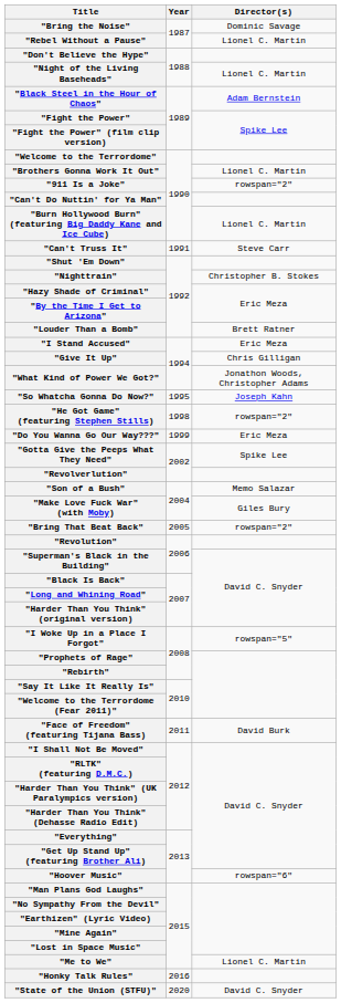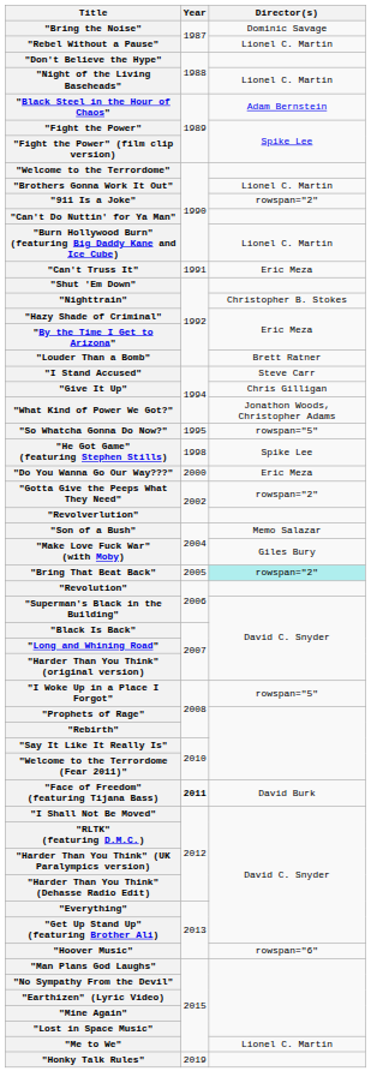 <table class="wikitable plainrowheaders" style="text-align:center;">
 <tr>
 <th scope="col" style="width:18em;">Title</th>
 <th scope="col">Year</th>
 <th scope="col" style="width:16em;">Director(s)</th>
 </tr>
 <tr>
 <th scope="row">"Bring the Noise"</th>
 <td rowspan="2">1987</td>
 <td>Dominic Savage</td>
 </tr>
 <tr>
 <th scope="row">"Rebel Without a Pause"</th>
 <td>Lionel C. Martin</td>
 </tr>
 <tr>
 <th scope="row">"Don't Believe the Hype"</th>
 <td rowspan="2">1988</td>
 </tr>
 <tr>
 <th scope="row">"Night of the Living Baseheads"</th>
 <td>Lionel C. Martin</td>
 </tr>
 <tr>
 <th scope="row">"<a href='#'>Black Steel in the Hour of Chaos</a>"</th>
 <td rowspan="3">1989</td>
 <td><a href='#'>Adam Bernstein</a></td>
 </tr>
 <tr>
 <th scope="row">"Fight the Power"</th>
 <td rowspan="2"><a href='#'>Spike Lee</a></td>
 </tr>
 <tr>
 <th scope="row">"Fight the Power" (film clip version)</th>
 </tr>
 <tr>
 <th scope="row">"Welcome to the Terrordome"</th>
 <td rowspan="5">1990</td>
 <td></td>
 </tr>
 <tr>
 <th scope="row">"Brothers Gonna Work It Out"</th>
 <td>Lionel C. Martin</td>
 </tr>
 <tr>
 <th scope="row">"911 Is a Joke"</th>
 <td>rowspan="2" </td>
 </tr>
 <tr>
 <th scope="row">"Can't Do Nuttin' for Ya Man"</th>
 </tr>
 <tr>
 <th scope="row">"Burn Hollywood Burn"<br><span>(featuring <a href='#'>Big Daddy Kane</a> and <a href='#'>Ice Cube</a>)</span></th>
 <td>Lionel C. Martin</td>
 </tr>
 <tr>
 <th scope="row">"Can't Truss It"</th>
 <td>1991</td>
-<td>Steve Carr</td>
+<td>Eric Meza</td>
 </tr>
 <tr>
 <th scope="row">"Shut 'Em Down"</th>
 <td rowspan="5">1992</td>
 <td></td>
 </tr>
 <tr>
 <th scope="row">"Nighttrain"</th>
 <td>Christopher B. Stokes</td>
 </tr>
 <tr>
 <th scope="row">"Hazy Shade of Criminal"</th>
 <td rowspan="2">Eric Meza</td>
 </tr>
 <tr>
 <th scope="row">"<a href='#'>By the Time I Get to Arizona</a>"</th>
 </tr>
 <tr>
 <th scope="row">"Louder Than a Bomb"</th>
 <td>Brett Ratner</td>
 </tr>
 <tr>
 <th scope="row">"I Stand Accused"</th>
 <td rowspan="3">1994</td>
-<td>Eric Meza</td>
+<td>Steve Carr</td>
 </tr>
 <tr>
 <th scope="row">"Give It Up"</th>
 <td>Chris Gilligan</td>
 </tr>
 <tr>
 <th scope="row">"What Kind of Power We Got?"</th>
 <td>Jonathon Woods, Christopher Adams</td>
 </tr>
 <tr>
 <th scope="row">"So Whatcha Gonna Do Now?"</th>
 <td>1995</td>
-<td><a href='#'>Joseph Kahn</a></td>
+<td>rowspan="5" </td>
 </tr>
 <tr>
 <th scope="row">"He Got Game"<br><span>(featuring <a href='#'>Stephen Stills</a>)</span></th>
 <td>1998</td>
-<td>rowspan="2" </td>
+<td>Spike Lee</td>
 </tr>
 <tr>
 <th scope="row">"Do You Wanna Go Our Way???"</th>
-<td>1999</td>
+<td>2000</td>
 <td>Eric Meza</td>
 </tr>
 <tr>
 <th scope="row">"Gotta Give the Peeps What They Need"</th>
 <td rowspan="2">2002</td>
-<td>Spike Lee</td>
+<td>rowspan="2" </td>
 </tr>
 <tr>
 <th scope="row">"Revolverlution"</th>
 </tr>
 <tr>
 <th scope="row">"Son of a Bush"</th>
 <td rowspan="2">2004</td>
 <td>Memo Salazar</td>
 </tr>
 <tr>
 <th scope="row">"Make Love Fuck War"<br><span>(with <a href='#'>Moby</a>)</span></th>
 <td>Giles Bury</td>
 </tr>
 <tr>
 <th scope="row">"Bring That Beat Back"</th>
 <td>2005</td>
-<td>rowspan="2" </td>
+<td style="background: paleturquoise;">rowspan="2" </td>
 </tr>
 <tr>
 <th scope="row">"Revolution"</th>
 <td rowspan="2">2006</td>
 </tr>
 <tr>
 <th scope="row">"Superman's Black in the Building"</th>
 <td rowspan="4">David C. Snyder</td>
 </tr>
 <tr>
 <th scope="row">"Black Is Back"</th>
 <td rowspan="3">2007</td>
 </tr>
 <tr>
 <th scope="row">"<a href='#'>Long and Whining Road</a>"</th>
 </tr>
 <tr>
 <th scope="row">"Harder Than You Think" (original version)</th>
 </tr>
 <tr>
 <th scope="row">"I Woke Up in a Place I Forgot"</th>
 <td rowspan="3">2008</td>
 <td>rowspan="5" </td>
 </tr>
 <tr>
 <th scope="row">"Prophets of Rage"</th>
 </tr>
 <tr>
 <th scope="row">"Rebirth"</th>
 </tr>
 <tr>
 <th scope="row">"Say It Like It Really Is"</th>
 <td rowspan="2">2010</td>
 </tr>
 <tr>
 <th scope="row">"Welcome to the Terrordome (Fear 2011)"</th>
 </tr>
 <tr>
 <th scope="row">"Face of Freedom"<br><span>(featuring Tijana Bass)</span></th>
-<td>2011</td>
+<td><strong>2011</strong></td>
 <td>David Burk</td>
 </tr>
 <tr>
 <th scope="row">"I Shall Not Be Moved"</th>
 <td rowspan="4">2012</td>
 <td rowspan="6">David C. Snyder</td>
 </tr>
 <tr>
 <th scope="row">"RLTK"<br><span>(featuring <a href='#'>D.M.C.</a>)</span></th>
 </tr>
 <tr>
 <th scope="row">"Harder Than You Think" (UK Paralympics version)</th>
 </tr>
 <tr>
 <th scope="row">"Harder Than You Think" (Dehasse Radio Edit)</th>
 </tr>
 <tr>
 <th scope="row">"Everything"</th>
 <td rowspan="3">2013</td>
 </tr>
 <tr>
 <th scope="row">"Get Up Stand Up"<br><span>(featuring <a href='#'>Brother Ali</a>)</span></th>
 </tr>
 <tr>
 <th scope="row">"Hoover Music"</th>
 <td>rowspan="6" </td>
 </tr>
 <tr>
 <th scope="row">"Man Plans God Laughs"</th>
 <td rowspan="6">2015</td>
 </tr>
 <tr>
 <th scope="row">"No Sympathy From the Devil"</th>
 </tr>
 <tr>
 <th scope="row">"Earthizen" (Lyric Video)</th>
 </tr>
 <tr>
 <th scope="row">"Mine Again"</th>
 </tr>
 <tr>
 <th scope="row">"Lost in Space Music"</th>
 </tr>
 <tr>
 <th scope="row">"Me to We"</th>
 <td>Lionel C. Martin</td>
 </tr>
 <tr>
 <th scope="row">"Honky Talk Rules"</th>
-<td>2016</td>
+<td>2019</td>
 <td></td>
 </tr>
-<tr>
-<th scope="row">"State of the Union (STFU)"</th>
-<td>2020</td>
-<td>David C. Snyder</td>
-</tr>
 </table>
